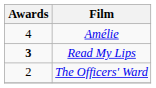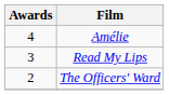 <table class="wikitable" style="text-align: center">
 <tr>
 <th width="55">Awards</th>
 <th align="center">Film</th>
 </tr>
 <tr>
 <td style="text-align:center">4</td>
 <td><em><a href='#'>Amélie</a></em></td>
 </tr>
 <tr>
-<td style="text-align:center"><strong>3</strong></td>
+<td style="text-align:center">3</td>
 <td><em><a href='#'>Read My Lips</a></em></td>
 </tr>
 <tr>
 <td style="text-align:center">2</td>
 <td><em><a href='#'>The Officers' Ward</a></em></td>
 </tr>
 <tr>
 </tr>
 </table>
